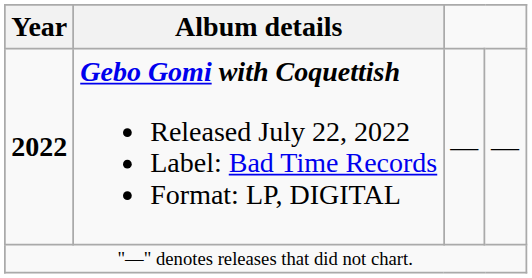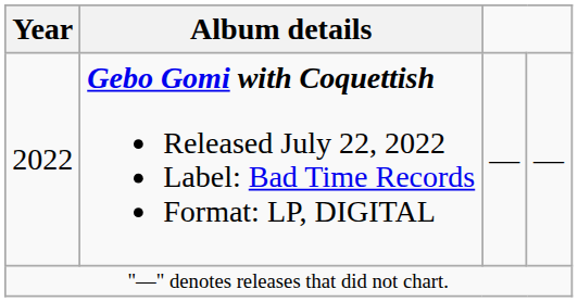 <table class ="wikitable">
 <tr>
 <th>Year</th>
 <th>Album details</th>
 </tr>
 <tr>
-<td><strong>2022</strong></td>
+<td>2022</td>
 <td><strong><em><a href='#'>Gebo Gomi</a> with Coquettish</em></strong><br><ul><li>Released July 22, 2022</li><li>Label: <a href='#'>Bad Time Records</a></li><li>Format: LP, DIGITAL</li></ul></td>
 <td style="text-align:center;"> —</td>
 <td style="text-align:center;"> —</td>
 </tr>
 <tr>
 <td colspan="5" style="text-align:center; font-size:8pt;">"—" denotes releases that did not chart.</td>
 </tr>
 </table>
